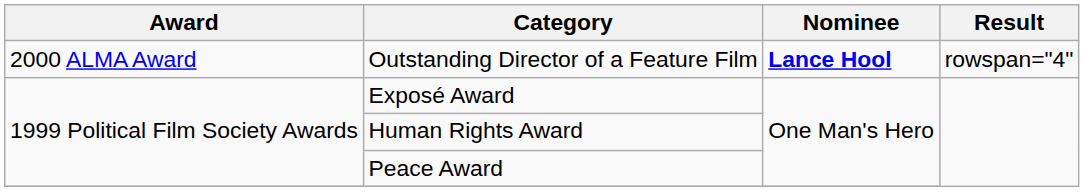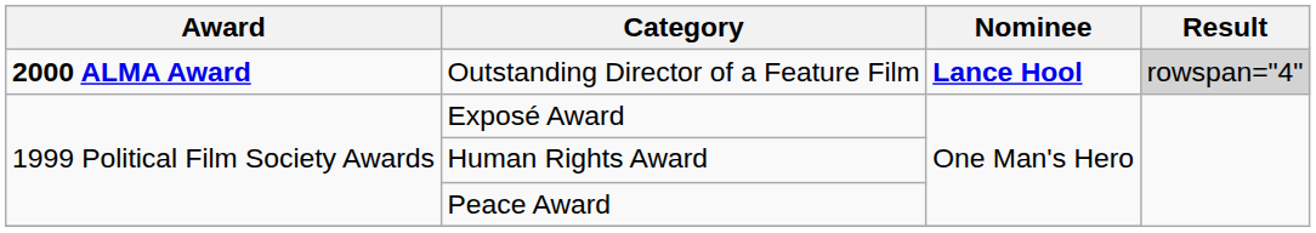 <table class="wikitable" border="1">
 <tr>
 <th>Award</th>
 <th>Category</th>
 <th>Nominee</th>
 <th>Result</th>
 </tr>
 <tr>
-<td>2000 <a href='#'>ALMA Award</a></td>
+<td><strong>2000 <a href='#'>ALMA Award</a></strong></td>
 <td>Outstanding Director of a Feature Film</td>
 <td><strong><a href='#'>Lance Hool</a></strong></td>
-<td>rowspan="4" </td>
+<td style="background: lightgrey;">rowspan="4" </td>
 </tr>
 <tr>
 <td rowspan="3">1999 Political Film Society Awards</td>
 <td>Exposé Award</td>
 <td rowspan="3">One Man's Hero</td>
 </tr>
 <tr>
 <td>Human Rights Award</td>
 </tr>
 <tr>
 <td>Peace Award</td>
 </tr>
 <tr>
 </tr>
 </table>
